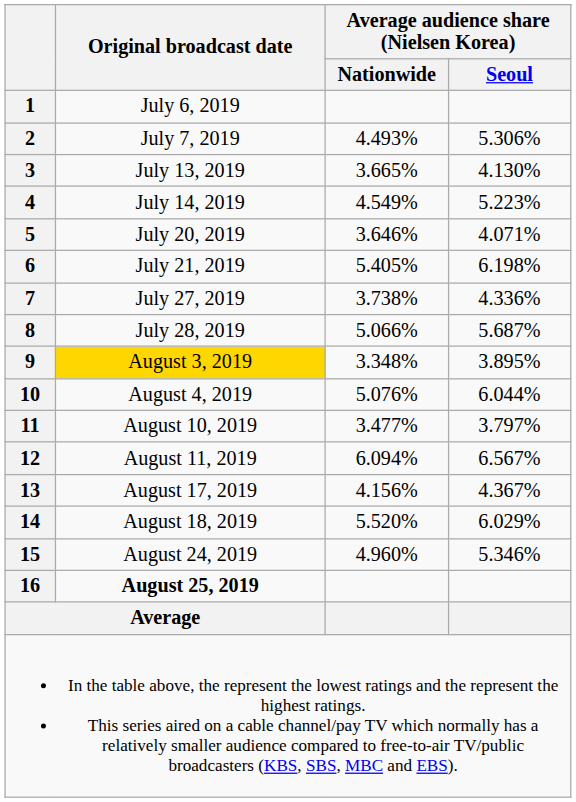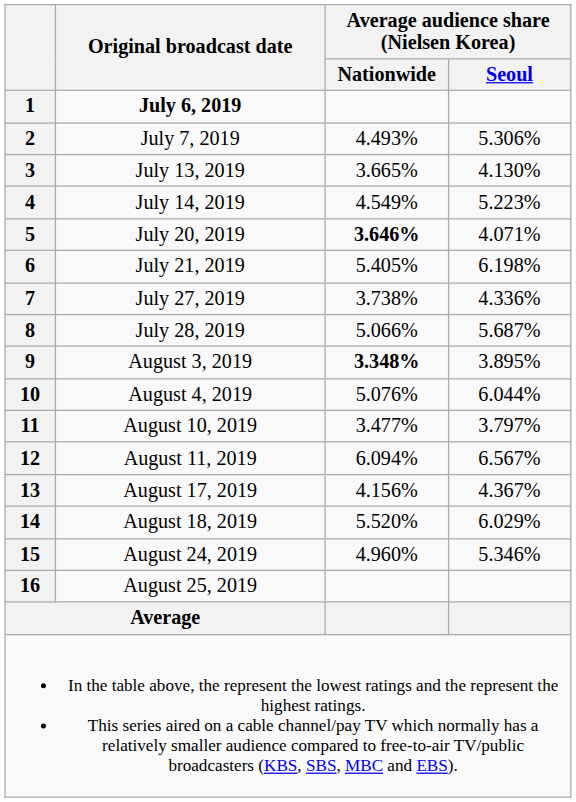 <table class="wikitable" style="text-align:center;max-width:450px; margin-left: auto; margin-right: auto; border: none;">
 <tr>
 </tr>
 <tr>
 <th rowspan="2"></th>
 <th rowspan="2">Original broadcast date</th>
 <th colspan="2">Average audience share<br>(Nielsen Korea)</th>
 </tr>
 <tr>
 <th width="90">Nationwide</th>
 <th width="90"><a href='#'>Seoul</a></th>
 </tr>
 <tr>
 <th>1</th>
-<td>July 6, 2019</td>
+<td><strong>July 6, 2019</strong></td>
 <td></td>
 <td></td>
 </tr>
 <tr>
 <th>2</th>
 <td>July 7, 2019</td>
 <td>4.493%</td>
 <td>5.306%</td>
 </tr>
 <tr>
 <th>3</th>
 <td>July 13, 2019</td>
 <td>3.665%</td>
 <td>4.130%</td>
 </tr>
 <tr>
 <th>4</th>
 <td>July 14, 2019</td>
 <td>4.549%</td>
 <td>5.223%</td>
 </tr>
 <tr>
 <th>5</th>
 <td>July 20, 2019</td>
-<td>3.646%</td>
+<td><strong>3.646%</strong></td>
 <td>4.071%</td>
 </tr>
 <tr>
 <th>6</th>
 <td>July 21, 2019</td>
 <td>5.405%</td>
 <td>6.198%</td>
 </tr>
 <tr>
 <th>7</th>
 <td>July 27, 2019</td>
 <td>3.738%</td>
 <td>4.336%</td>
 </tr>
 <tr>
 <th>8</th>
 <td>July 28, 2019</td>
 <td>5.066%</td>
 <td>5.687%</td>
 </tr>
 <tr>
 <th>9</th>
-<td style="background: gold;">August 3, 2019</td>
-<td>3.348%</td>
+<td>August 3, 2019</td>
+<td><strong>3.348%</strong></td>
 <td>3.895%</td>
 </tr>
 <tr>
 <th>10</th>
 <td>August 4, 2019</td>
 <td>5.076%</td>
 <td>6.044%</td>
 </tr>
 <tr>
 <th>11</th>
 <td>August 10, 2019</td>
 <td>3.477%</td>
 <td>3.797%</td>
 </tr>
 <tr>
 <th>12</th>
 <td>August 11, 2019</td>
 <td>6.094%</td>
 <td>6.567%</td>
 </tr>
 <tr>
 <th>13</th>
 <td>August 17, 2019</td>
 <td>4.156%</td>
 <td>4.367%</td>
 </tr>
 <tr>
 <th>14</th>
 <td>August 18, 2019</td>
 <td>5.520%</td>
 <td>6.029%</td>
 </tr>
 <tr>
 <th>15</th>
 <td>August 24, 2019</td>
 <td>4.960%</td>
 <td>5.346%</td>
 </tr>
 <tr>
 <th>16</th>
-<td><strong>August 25, 2019</strong></td>
+<td>August 25, 2019</td>
 <td></td>
 <td></td>
 </tr>
 <tr>
 <th colspan="2">Average</th>
 <th></th>
 <th></th>
 </tr>
 <tr>
 <td colspan="4" style="font-size:85%"><br><ul><li>In the table above, the <strong></strong> represent the lowest ratings and the <strong></strong> represent the highest ratings.</li><li>This series aired on a cable channel/pay TV which normally has a relatively smaller audience compared to free-to-air TV/public broadcasters (<a href='#'>KBS</a>, <a href='#'>SBS</a>, <a href='#'>MBC</a> and <a href='#'>EBS</a>).</li></ul></td>
 </tr>
 </table>
